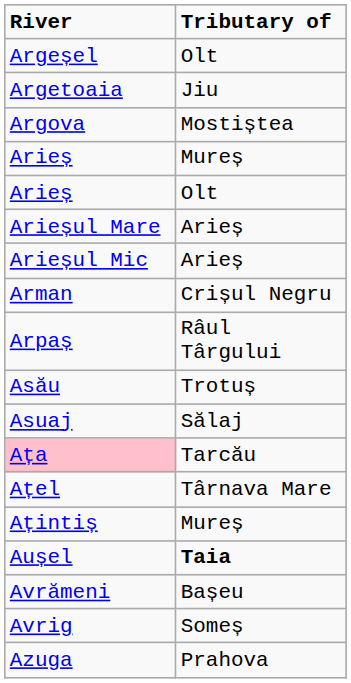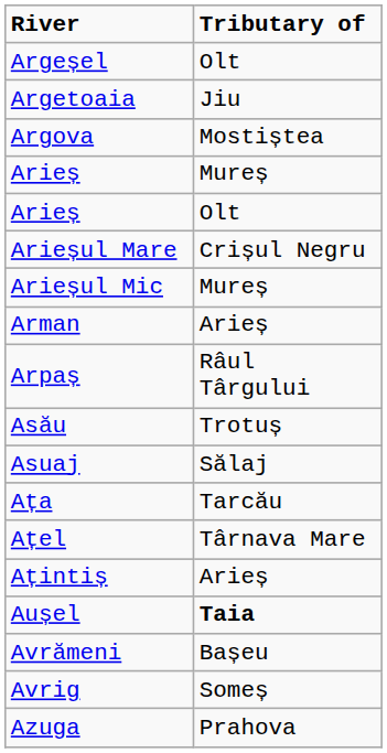 <table class="wikitable">
 <tr>
 <td width="100pt"><strong>River</strong></td>
 <td width="100pt"><strong>Tributary of</strong></td>
 </tr>
 <tr>
 <td><a href='#'>Argeșel</a></td>
 <td>Olt</td>
 </tr>
 <tr>
 <td><a href='#'>Argetoaia</a></td>
 <td>Jiu</td>
 </tr>
 <tr>
 <td><a href='#'>Argova</a></td>
 <td>Mostiștea</td>
 </tr>
 <tr>
 <td><a href='#'>Arieș</a></td>
 <td>Mureș</td>
 </tr>
 <tr>
 <td><a href='#'>Arieș</a></td>
 <td>Olt</td>
 </tr>
 <tr>
 <td><a href='#'>Arieșul Mare</a></td>
-<td>Arieș</td>
+<td>Crișul Negru</td>
 </tr>
 <tr>
 <td><a href='#'>Arieșul Mic</a></td>
-<td>Arieș</td>
+<td>Mureș</td>
 </tr>
 <tr>
 <td><a href='#'>Arman</a></td>
-<td>Crișul Negru</td>
+<td>Arieș</td>
 </tr>
 <tr>
 <td><a href='#'>Arpaș</a></td>
 <td>Râul Târgului</td>
 </tr>
 <tr>
 <td><a href='#'>Asău</a></td>
 <td>Trotuș</td>
 </tr>
 <tr>
 <td><a href='#'>Asuaj</a></td>
 <td>Sălaj</td>
 </tr>
 <tr>
-<td style="background: pink;"><a href='#'>Ața</a></td>
+<td><a href='#'>Ața</a></td>
 <td>Tarcău</td>
 </tr>
 <tr>
 <td><a href='#'>Ațel</a></td>
 <td>Târnava Mare</td>
 </tr>
 <tr>
 <td><a href='#'>Ațintiș</a></td>
-<td>Mureș</td>
+<td>Arieș</td>
 </tr>
 <tr>
 <td><a href='#'>Aușel</a></td>
 <td><strong>Taia</strong></td>
 </tr>
 <tr>
 <td><a href='#'>Avrămeni</a></td>
 <td>Bașeu</td>
 </tr>
 <tr>
 <td><a href='#'>Avrig</a></td>
 <td>Someș</td>
 </tr>
 <tr>
 <td><a href='#'>Azuga</a></td>
 <td>Prahova</td>
 </tr>
 </table>
